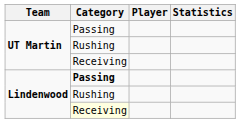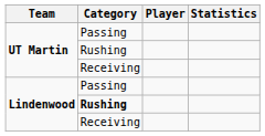 <table class="wikitable" style="float: right;">
 <tr>
 <th>Team</th>
 <th>Category</th>
 <th>Player</th>
 <th>Statistics</th>
 </tr>
 <tr>
 <td rowspan=3><strong>UT Martin</strong></td>
 <td>Passing</td>
 <td></td>
 <td></td>
 </tr>
 <tr>
 <td>Rushing</td>
 <td></td>
 <td></td>
 </tr>
 <tr>
 <td>Receiving</td>
 <td></td>
 <td></td>
 </tr>
 <tr>
 <td rowspan=3><strong>Lindenwood</strong></td>
-<td><strong>Passing</strong></td>
+<td>Passing</td>
 <td></td>
 <td></td>
 </tr>
 <tr>
-<td>Rushing</td>
+<td><strong>Rushing</strong></td>
 <td></td>
 <td></td>
 </tr>
 <tr>
-<td style="background: lightyellow;">Receiving</td>
+<td>Receiving</td>
 <td></td>
 <td></td>
 </tr>
 </table>
